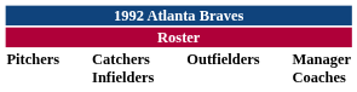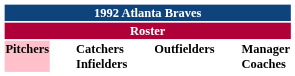 <table class="toccolours" style="font-size: 95%;">
 <tr>
 <th colspan="10" style="background:#0f437c; color:#fff; text-align:center;">1992 Atlanta Braves</th>
 </tr>
 <tr>
 <td colspan="10" style="background:#af0039; color:white; text-align:center;"><strong>Roster</strong></td>
 </tr>
 <tr>
-<td valign="top"><strong>Pitchers</strong><br>                  </td>
+<td valign="top" style="background: pink;"><strong>Pitchers</strong><br>                  </td>
 <td style="width:25px;"></td>
 <td valign="top"><strong>Catchers</strong><br>     <strong>Infielders</strong>         </td>
 <td style="width:25px;"></td>
 <td valign="top"><strong>Outfielders</strong><br>       </td>
 <td style="width:25px;"></td>
 <td valign="top"><strong>Manager</strong><br> <strong>Coaches</strong>       </td>
 </tr>
 </table>
